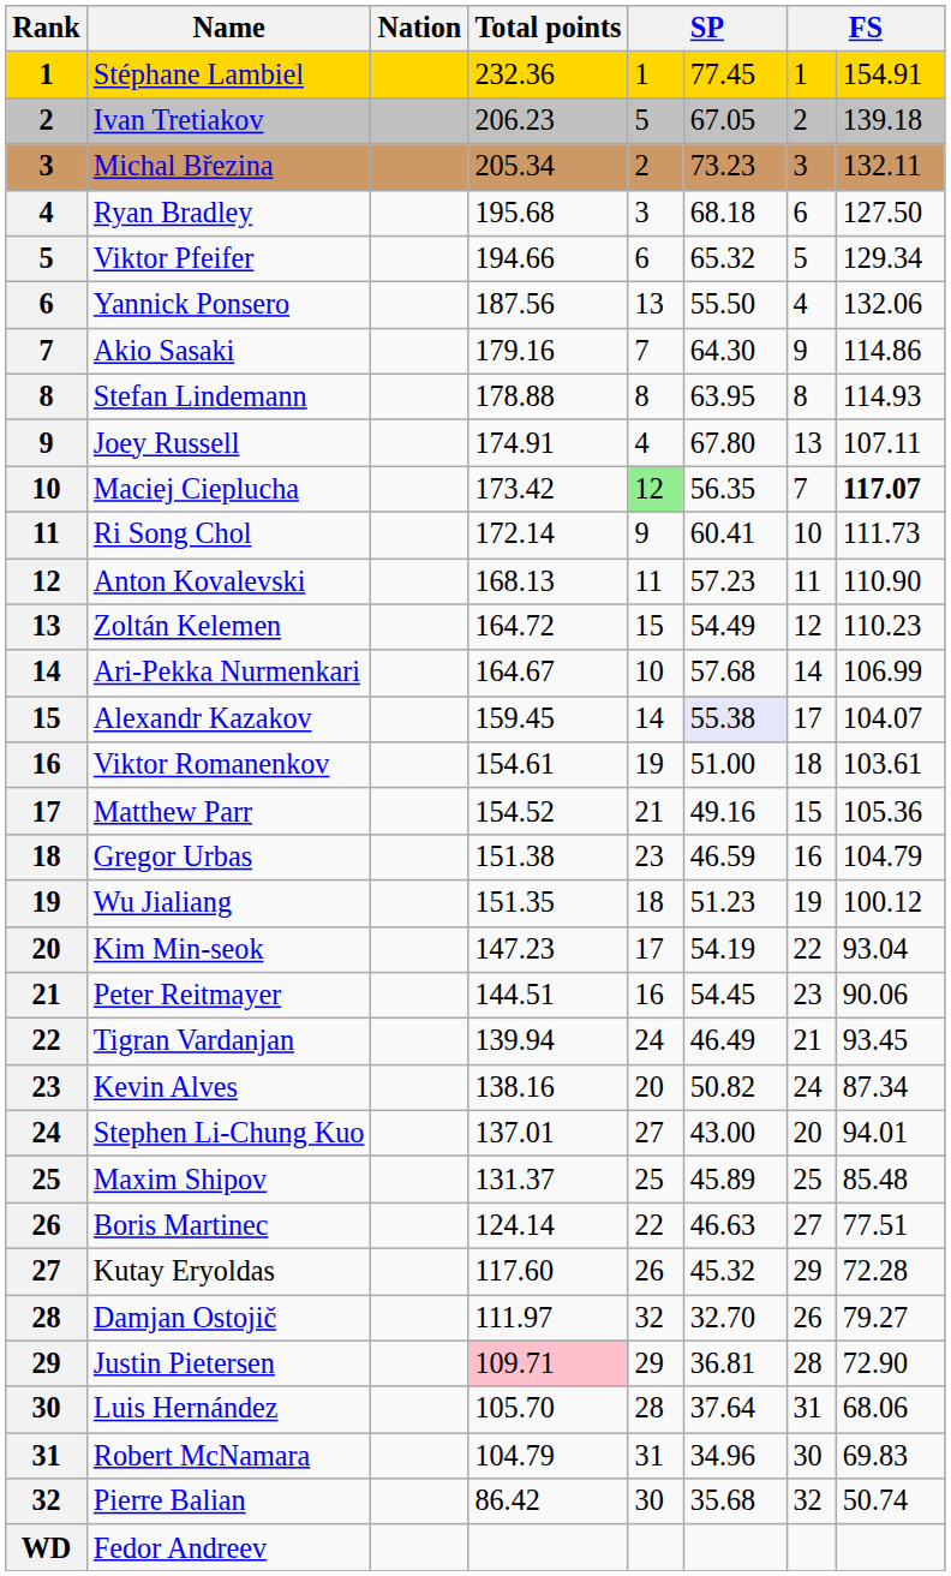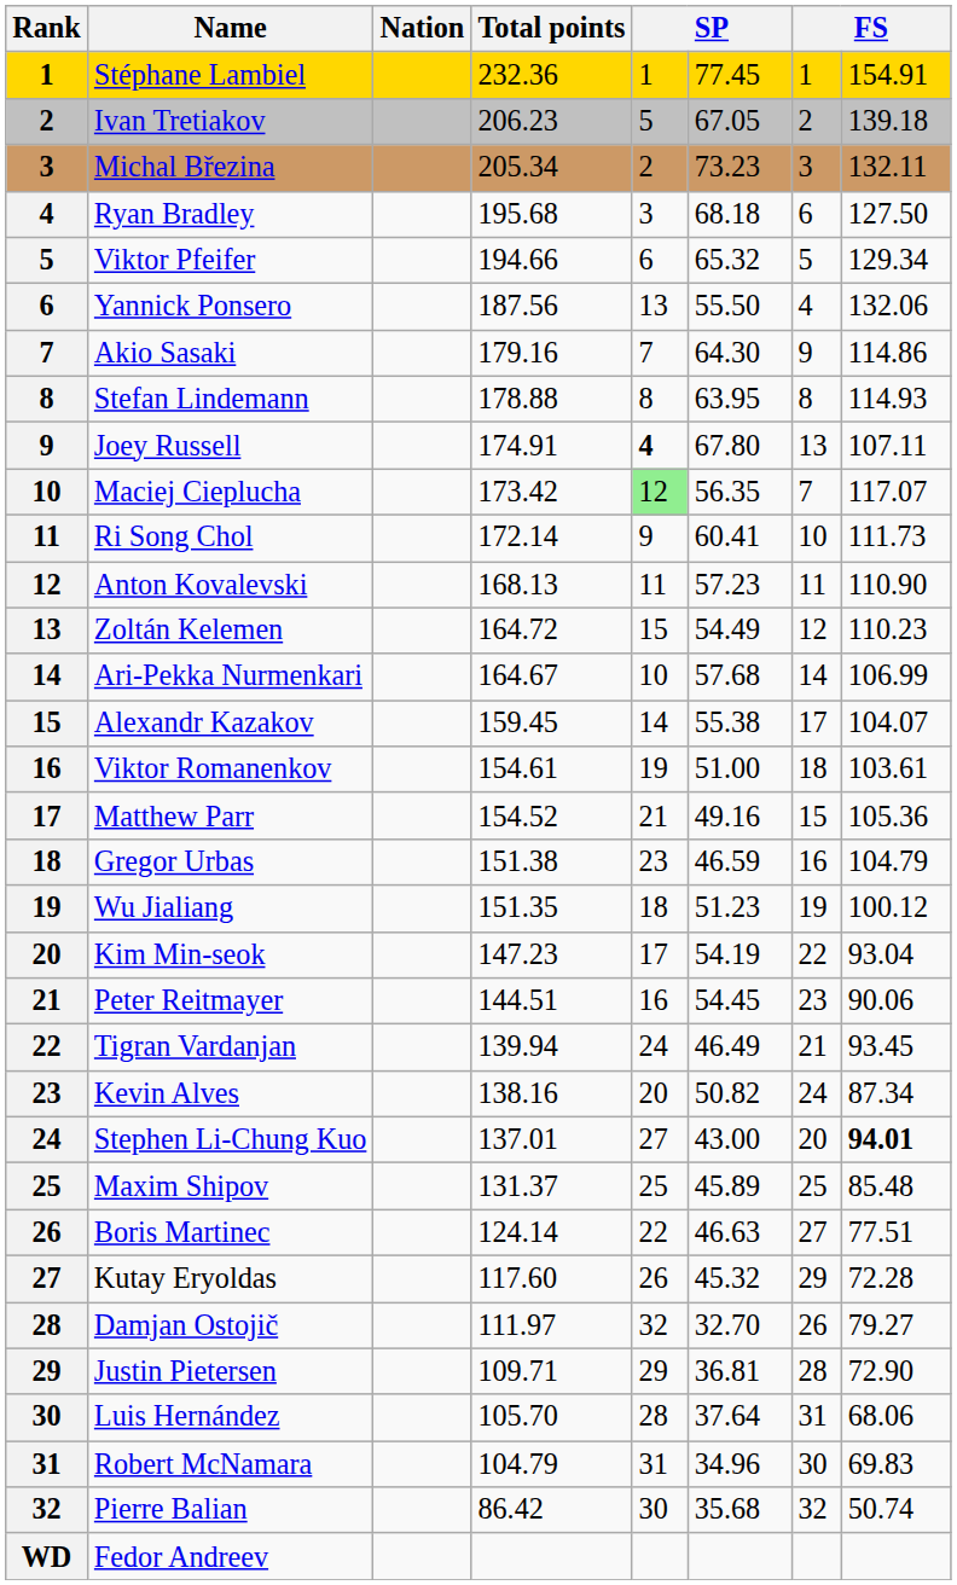 <table class="wikitable sortable">
 <tr>
 <th>Rank</th>
 <th>Name</th>
 <th>Nation</th>
 <th>Total points</th>
 <th colspan="2" width="80px"><a href='#'>SP</a></th>
 <th colspan="2" width="80px"><a href='#'>FS</a></th>
 </tr>
 <tr bgcolor="gold">
 <td align="center"><strong>1</strong></td>
 <td><a href='#'>Stéphane Lambiel</a></td>
 <td></td>
 <td>232.36</td>
 <td>1</td>
 <td>77.45</td>
 <td>1</td>
 <td>154.91</td>
 </tr>
 <tr bgcolor="silver">
 <td align="center"><strong>2</strong></td>
 <td><a href='#'>Ivan Tretiakov</a></td>
 <td></td>
 <td>206.23</td>
 <td>5</td>
 <td>67.05</td>
 <td>2</td>
 <td>139.18</td>
 </tr>
 <tr bgcolor="cc9966">
 <td align="center"><strong>3</strong></td>
 <td><a href='#'>Michal Březina</a></td>
 <td></td>
 <td>205.34</td>
 <td>2</td>
 <td>73.23</td>
 <td>3</td>
 <td>132.11</td>
 </tr>
 <tr>
 <th>4</th>
 <td><a href='#'>Ryan Bradley</a></td>
 <td></td>
 <td>195.68</td>
 <td>3</td>
 <td>68.18</td>
 <td>6</td>
 <td>127.50</td>
 </tr>
 <tr>
 <th>5</th>
 <td><a href='#'>Viktor Pfeifer</a></td>
 <td></td>
 <td>194.66</td>
 <td>6</td>
 <td>65.32</td>
 <td>5</td>
 <td>129.34</td>
 </tr>
 <tr>
 <th>6</th>
 <td><a href='#'>Yannick Ponsero</a></td>
 <td></td>
 <td>187.56</td>
 <td>13</td>
 <td>55.50</td>
 <td>4</td>
 <td>132.06</td>
 </tr>
 <tr>
 <th>7</th>
 <td><a href='#'>Akio Sasaki</a></td>
 <td></td>
 <td>179.16</td>
 <td>7</td>
 <td>64.30</td>
 <td>9</td>
 <td>114.86</td>
 </tr>
 <tr>
 <th>8</th>
 <td><a href='#'>Stefan Lindemann</a></td>
 <td></td>
 <td>178.88</td>
 <td>8</td>
 <td>63.95</td>
 <td>8</td>
 <td>114.93</td>
 </tr>
 <tr>
 <th>9</th>
 <td><a href='#'>Joey Russell</a></td>
 <td></td>
 <td>174.91</td>
-<td>4</td>
+<td><strong>4</strong></td>
 <td>67.80</td>
 <td>13</td>
 <td>107.11</td>
 </tr>
 <tr>
 <th>10</th>
 <td><a href='#'>Maciej Cieplucha</a></td>
 <td></td>
 <td>173.42</td>
 <td style="background: lightgreen;">12</td>
 <td>56.35</td>
 <td>7</td>
-<td><strong>117.07</strong></td>
+<td>117.07</td>
 </tr>
 <tr>
 <th>11</th>
 <td><a href='#'>Ri Song Chol</a></td>
 <td></td>
 <td>172.14</td>
 <td>9</td>
 <td>60.41</td>
 <td>10</td>
 <td>111.73</td>
 </tr>
 <tr>
 <th>12</th>
 <td><a href='#'>Anton Kovalevski</a></td>
 <td></td>
 <td>168.13</td>
 <td>11</td>
 <td>57.23</td>
 <td>11</td>
 <td>110.90</td>
 </tr>
 <tr>
 <th>13</th>
 <td><a href='#'>Zoltán Kelemen</a></td>
 <td></td>
 <td>164.72</td>
 <td>15</td>
 <td>54.49</td>
 <td>12</td>
 <td>110.23</td>
 </tr>
 <tr>
 <th>14</th>
 <td><a href='#'>Ari-Pekka Nurmenkari</a></td>
 <td></td>
 <td>164.67</td>
 <td>10</td>
 <td>57.68</td>
 <td>14</td>
 <td>106.99</td>
 </tr>
 <tr>
 <th>15</th>
 <td><a href='#'>Alexandr Kazakov</a></td>
 <td></td>
 <td>159.45</td>
 <td>14</td>
-<td style="background: lavender;">55.38</td>
+<td>55.38</td>
 <td>17</td>
 <td>104.07</td>
 </tr>
 <tr>
 <th>16</th>
 <td><a href='#'>Viktor Romanenkov</a></td>
 <td></td>
 <td>154.61</td>
 <td>19</td>
 <td>51.00</td>
 <td>18</td>
 <td>103.61</td>
 </tr>
 <tr>
 <th>17</th>
 <td><a href='#'>Matthew Parr</a></td>
 <td></td>
 <td>154.52</td>
 <td>21</td>
 <td>49.16</td>
 <td>15</td>
 <td>105.36</td>
 </tr>
 <tr>
 <th>18</th>
 <td><a href='#'>Gregor Urbas</a></td>
 <td></td>
 <td>151.38</td>
 <td>23</td>
 <td>46.59</td>
 <td>16</td>
 <td>104.79</td>
 </tr>
 <tr>
 <th>19</th>
 <td><a href='#'>Wu Jialiang</a></td>
 <td></td>
 <td>151.35</td>
 <td>18</td>
 <td>51.23</td>
 <td>19</td>
 <td>100.12</td>
 </tr>
 <tr>
 <th>20</th>
 <td><a href='#'>Kim Min-seok</a></td>
 <td></td>
 <td>147.23</td>
 <td>17</td>
 <td>54.19</td>
 <td>22</td>
 <td>93.04</td>
 </tr>
 <tr>
 <th>21</th>
 <td><a href='#'>Peter Reitmayer</a></td>
 <td></td>
 <td>144.51</td>
 <td>16</td>
 <td>54.45</td>
 <td>23</td>
 <td>90.06</td>
 </tr>
 <tr>
 <th>22</th>
 <td><a href='#'>Tigran Vardanjan</a></td>
 <td></td>
 <td>139.94</td>
 <td>24</td>
 <td>46.49</td>
 <td>21</td>
 <td>93.45</td>
 </tr>
 <tr>
 <th>23</th>
 <td><a href='#'>Kevin Alves</a></td>
 <td></td>
 <td>138.16</td>
 <td>20</td>
 <td>50.82</td>
 <td>24</td>
 <td>87.34</td>
 </tr>
 <tr>
 <th>24</th>
 <td><a href='#'>Stephen Li-Chung Kuo</a></td>
 <td></td>
 <td>137.01</td>
 <td>27</td>
 <td>43.00</td>
 <td>20</td>
-<td>94.01</td>
+<td><strong>94.01</strong></td>
 </tr>
 <tr>
 <th>25</th>
 <td><a href='#'>Maxim Shipov</a></td>
 <td></td>
 <td>131.37</td>
 <td>25</td>
 <td>45.89</td>
 <td>25</td>
 <td>85.48</td>
 </tr>
 <tr>
 <th>26</th>
 <td><a href='#'>Boris Martinec</a></td>
 <td></td>
 <td>124.14</td>
 <td>22</td>
 <td>46.63</td>
 <td>27</td>
 <td>77.51</td>
 </tr>
 <tr>
 <th>27</th>
 <td>Kutay Eryoldas</td>
 <td></td>
 <td>117.60</td>
 <td>26</td>
 <td>45.32</td>
 <td>29</td>
 <td>72.28</td>
 </tr>
 <tr>
 <th>28</th>
 <td><a href='#'>Damjan Ostojič</a></td>
 <td></td>
 <td>111.97</td>
 <td>32</td>
 <td>32.70</td>
 <td>26</td>
 <td>79.27</td>
 </tr>
 <tr>
 <th>29</th>
 <td><a href='#'>Justin Pietersen</a></td>
 <td></td>
-<td style="background: pink;">109.71</td>
+<td>109.71</td>
 <td>29</td>
 <td>36.81</td>
 <td>28</td>
 <td>72.90</td>
 </tr>
 <tr>
 <th>30</th>
 <td><a href='#'>Luis Hernández</a></td>
 <td></td>
 <td>105.70</td>
 <td>28</td>
 <td>37.64</td>
 <td>31</td>
 <td>68.06</td>
 </tr>
 <tr>
 <th>31</th>
 <td><a href='#'>Robert McNamara</a></td>
 <td></td>
 <td>104.79</td>
 <td>31</td>
 <td>34.96</td>
 <td>30</td>
 <td>69.83</td>
 </tr>
 <tr>
 <th>32</th>
 <td><a href='#'>Pierre Balian</a></td>
 <td></td>
 <td>86.42</td>
 <td>30</td>
 <td>35.68</td>
 <td>32</td>
 <td>50.74</td>
 </tr>
 <tr>
 <th>WD</th>
 <td><a href='#'>Fedor Andreev</a></td>
 <td></td>
 <td></td>
 <td></td>
 <td></td>
 <td></td>
 <td></td>
 </tr>
 </table>
